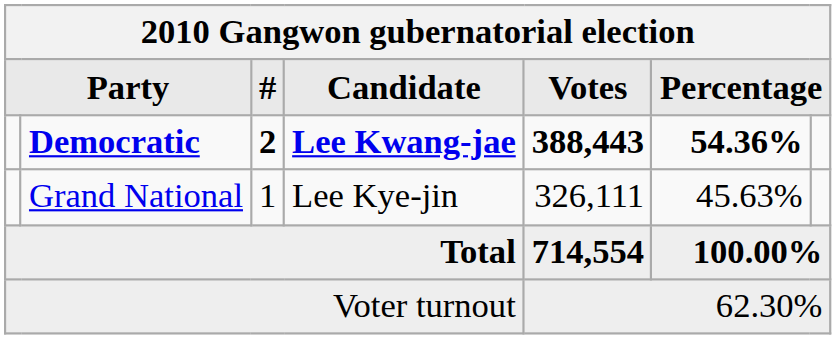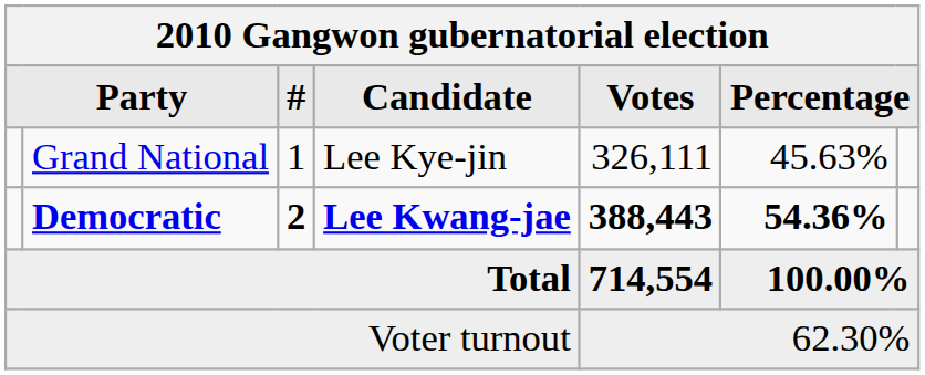 <table class="wikitable">
 <tr>
 <th colspan="7">2010 Gangwon gubernatorial election</th>
 </tr>
 <tr>
 <th style="background-color:#E9E9E9" colspan=2>Party</th>
 <th style="background-color:#E9E9E9">#</th>
 <th style="background-color:#E9E9E9">Candidate</th>
 <th style="background-color:#E9E9E9">Votes</th>
 <th style="background-color:#E9E9E9" colspan=2>Percentage</th>
 </tr>
+<tr>
+<td></td>
+<td align=left><a href='#'>Grand National</a></td>
+<td align=center>1</td>
+<td align=left>Lee Kye-jin</td>
+<td align=right>326,111</td>
+<td align=right>45.63%</td>
+<td align=right></td>
+</tr>
 <tr style="font-weight:bold">
 <td></td>
 <td align=left><a href='#'>Democratic</a></td>
 <td align=center>2</td>
 <td align=left><a href='#'>Lee Kwang-jae</a></td>
 <td align=right>388,443</td>
 <td align=right>54.36%</td>
-<td align=right></td>
-</tr>
-<tr>
-<td></td>
-<td align=left><a href='#'>Grand National</a></td>
-<td align=center>1</td>
-<td align=left>Lee Kye-jin</td>
-<td align=right>326,111</td>
-<td align=right>45.63%</td>
 <td align=right></td>
 </tr>
 <tr bgcolor="#EEEEEE" style="font-weight:bold">
 <td colspan="4" align=right>Total</td>
 <td align=right>714,554</td>
 <td align=right colspan=2>100.00%</td>
 </tr>
 <tr bgcolor="#EEEEEE">
 <td colspan="4" align="right">Voter turnout</td>
 <td colspan="3" align="right">62.30%</td>
 </tr>
 </table>
